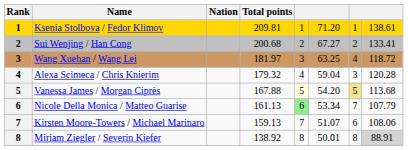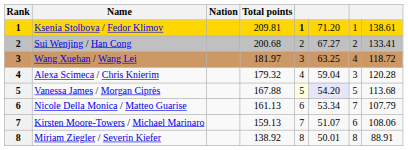 <table class="wikitable sortable">
 <tr>
 <th>Rank</th>
 <th>Name</th>
 <th>Nation</th>
 <th>Total points</th>
 <th colspan="2" width="80px"></th>
 <th colspan="2" width="80px"></th>
 </tr>
 <tr bgcolor="gold">
 <td align="center"><strong>1</strong></td>
 <td><a href='#'>Ksenia Stolbova</a> / <a href='#'>Fedor Klimov</a></td>
 <td></td>
 <td align="center">209.81</td>
-<td align="center">1</td>
+<td align="center"><strong>1</strong></td>
 <td align="center">71.20</td>
 <td align="center">1</td>
 <td align="center">138.61</td>
 </tr>
 <tr bgcolor="silver">
 <td align="center"><strong>2</strong></td>
 <td><a href='#'>Sui Wenjing</a> / <a href='#'>Han Cong</a></td>
 <td></td>
 <td align="center">200.68</td>
 <td align="center">2</td>
 <td align="center">67.27</td>
 <td align="center">2</td>
 <td align="center">133.41</td>
 </tr>
 <tr bgcolor="cc9966">
 <td align="center"><strong>3</strong></td>
 <td><a href='#'>Wang Xuehan</a> / <a href='#'>Wang Lei</a></td>
 <td></td>
 <td align="center">181.97</td>
 <td align="center">3</td>
 <td align="center">63.25</td>
 <td align="center">4</td>
 <td align="center">118.72</td>
 </tr>
 <tr>
 <th>4</th>
 <td><a href='#'>Alexa Scimeca</a> / <a href='#'>Chris Knierim</a></td>
 <td></td>
 <td align="center">179.32</td>
 <td align="center">4</td>
 <td align="center">59.04</td>
 <td align="center">3</td>
 <td align="center">120.28</td>
 </tr>
 <tr>
 <th>5</th>
 <td><a href='#'>Vanessa James</a> / <a href='#'>Morgan Ciprès</a></td>
 <td></td>
 <td align="center">167.88</td>
 <td align="center" style="background: lightyellow;">5</td>
-<td align="center">54.20</td>
-<td align="center" style="background: khaki;">5</td>
+<td align="center" style="background: lavender;">54.20</td>
+<td align="center">5</td>
 <td align="center">113.68</td>
 </tr>
 <tr>
 <th>6</th>
 <td><a href='#'>Nicole Della Monica</a> / <a href='#'>Matteo Guarise</a></td>
 <td></td>
 <td align="center">161.13</td>
-<td align="center" style="background: lightgreen;">6</td>
+<td align="center">6</td>
 <td align="center">53.34</td>
 <td align="center">7</td>
 <td align="center">107.79</td>
 </tr>
 <tr>
 <th>7</th>
 <td><a href='#'>Kirsten Moore-Towers</a> / <a href='#'>Michael Marinaro</a></td>
 <td></td>
 <td align="center">159.13</td>
 <td align="center">7</td>
 <td align="center">51.07</td>
 <td align="center">6</td>
 <td align="center">108.06</td>
 </tr>
 <tr>
 <th>8</th>
 <td><a href='#'>Miriam Ziegler</a> / <a href='#'>Severin Kiefer</a></td>
 <td></td>
 <td align="center">138.92</td>
 <td align="center">8</td>
 <td align="center">50.01</td>
 <td align="center">8</td>
-<td align="center" style="background: lightgrey;">88.91</td>
+<td align="center">88.91</td>
 </tr>
 </table>
